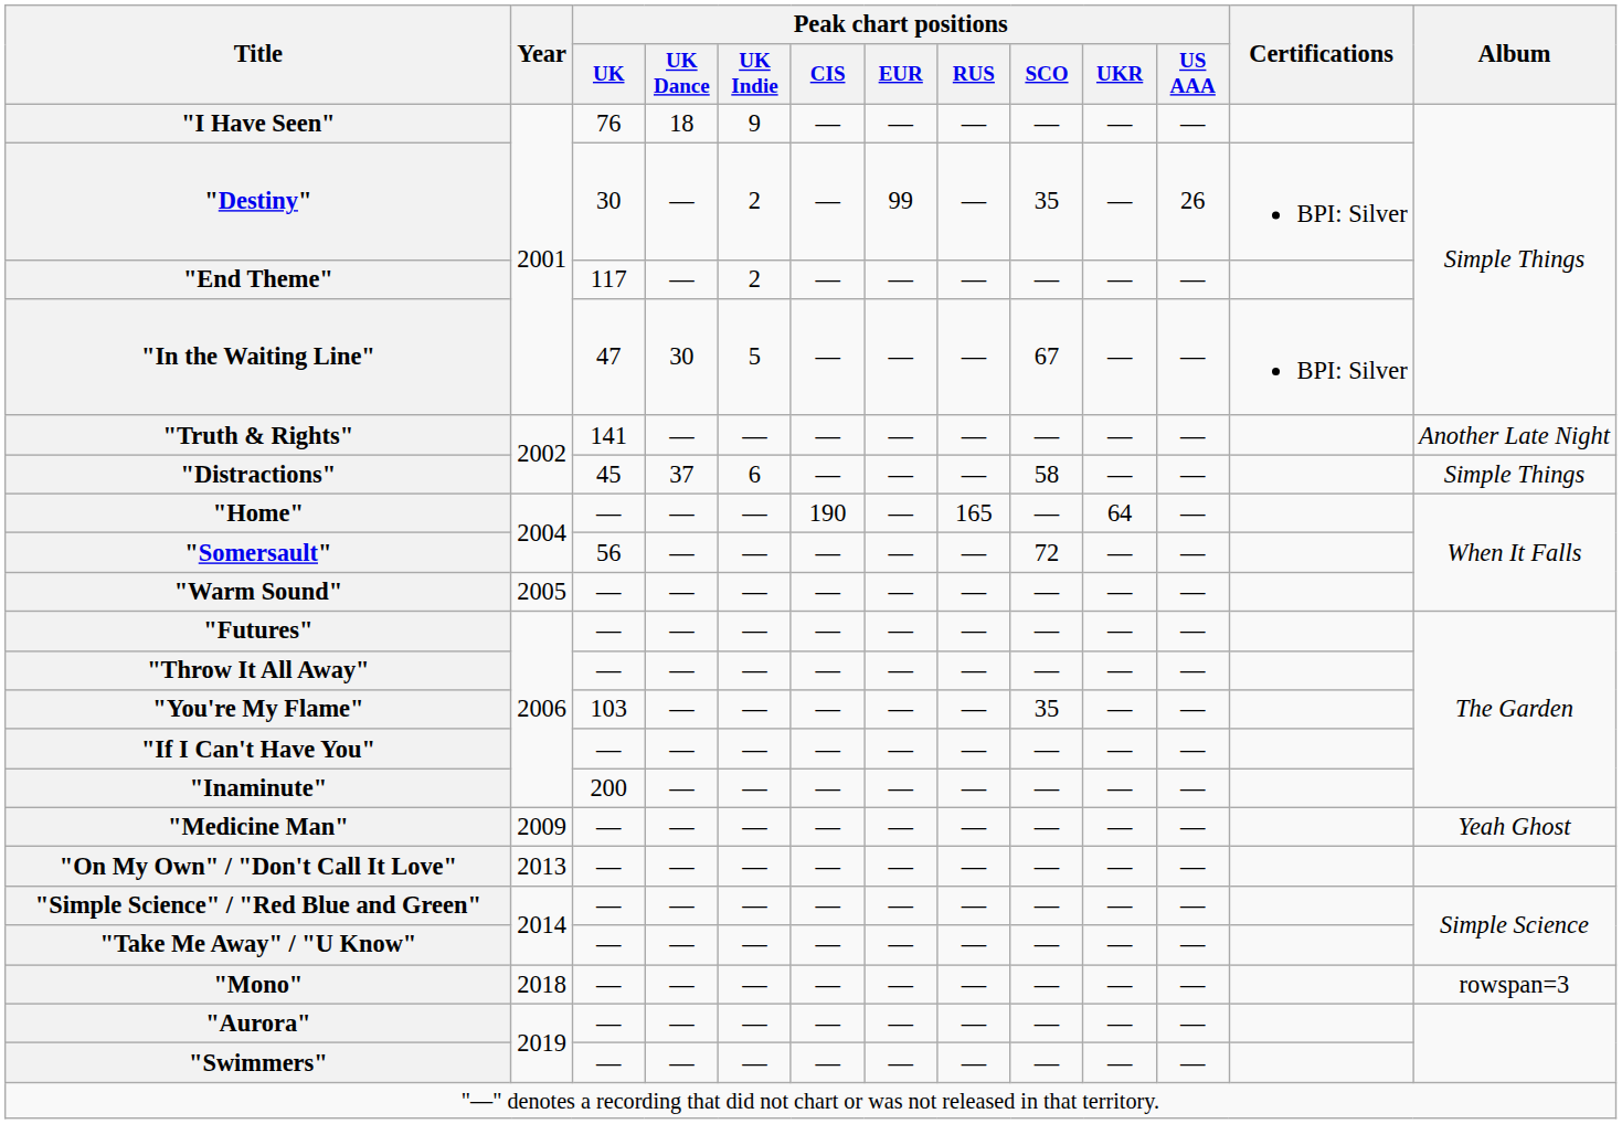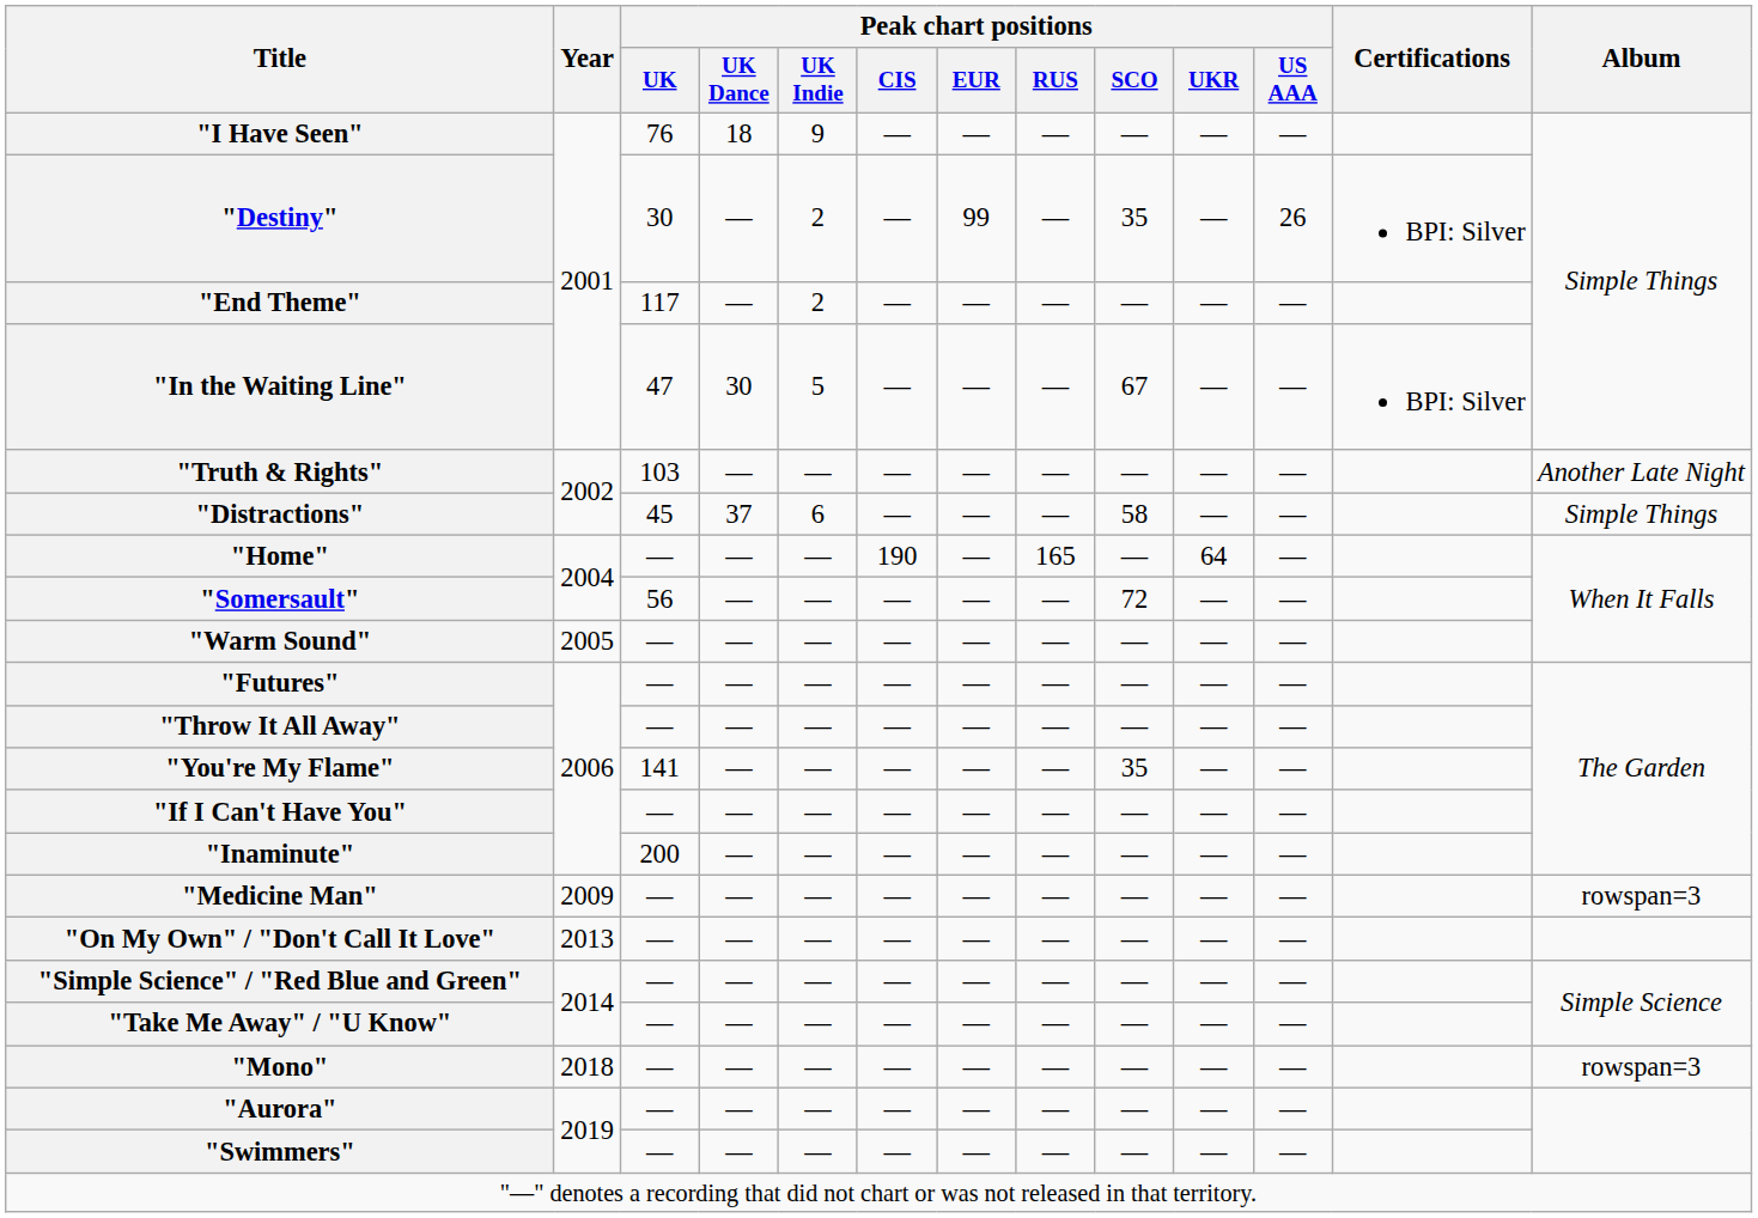 <table class="wikitable plainrowheaders" style="text-align:center;" id="singlestable">
 <tr>
 <th scope="col" rowspan="2" style="width:20em;">Title</th>
 <th scope="col" rowspan="2">Year</th>
 <th scope="col" colspan="9">Peak chart positions</th>
 <th scope="col" rowspan="2">Certifications</th>
 <th scope="col" rowspan="2">Album</th>
 </tr>
 <tr>
 <th style="width:3em;font-size:85%"><a href='#'>UK</a><br></th>
 <th style="width:3em;font-size:85%"><a href='#'>UK<br>Dance</a><br></th>
 <th style="width:3em;font-size:85%"><a href='#'>UK<br>Indie</a><br></th>
 <th style="width:3em;font-size:85%"><a href='#'>CIS</a><br></th>
 <th style="width:3em;font-size:85%"><a href='#'>EUR</a><br></th>
 <th style="width:3em;font-size:85%"><a href='#'>RUS</a><br></th>
 <th style="width:3em;font-size:85%"><a href='#'>SCO</a><br></th>
 <th style="width:3em;font-size:85%"><a href='#'>UKR</a><br></th>
 <th style="width:3em;font-size:85%"><a href='#'>US<br>AAA</a><br></th>
 </tr>
 <tr>
 <th scope="row">"I Have Seen"<br></th>
 <td rowspan=4>2001</td>
 <td>76</td>
 <td>18</td>
 <td>9</td>
 <td>—</td>
 <td>—</td>
 <td>—</td>
 <td>—</td>
 <td>—</td>
 <td>—</td>
 <td></td>
 <td rowspan=4><em>Simple Things</em></td>
 </tr>
 <tr>
 <th scope="row">"<a href='#'>Destiny</a>"<br></th>
 <td>30</td>
 <td>—</td>
 <td>2</td>
 <td>—</td>
 <td>99</td>
 <td>—</td>
 <td>35</td>
 <td>—</td>
 <td>26</td>
 <td><br><ul><li>BPI: Silver</li></ul></td>
 </tr>
 <tr>
 <th scope="row">"End Theme"</th>
 <td>117</td>
 <td>—</td>
 <td>2</td>
 <td>—</td>
 <td>—</td>
 <td>—</td>
 <td>—</td>
 <td>—</td>
 <td>—</td>
 <td></td>
 </tr>
 <tr>
 <th scope="row">"In the Waiting Line"<br></th>
 <td>47</td>
 <td>30</td>
 <td>5</td>
 <td>—</td>
 <td>—</td>
 <td>—</td>
 <td>67</td>
 <td>—</td>
 <td>—</td>
 <td><br><ul><li>BPI: Silver</li></ul></td>
 </tr>
 <tr>
 <th scope="row">"Truth & Rights"</th>
 <td rowspan=2>2002</td>
-<td>141</td>
+<td>103</td>
 <td>—</td>
 <td>—</td>
 <td>—</td>
 <td>—</td>
 <td>—</td>
 <td>—</td>
 <td>—</td>
 <td>—</td>
 <td></td>
 <td><em>Another Late Night</em></td>
 </tr>
 <tr>
 <th scope="row">"Distractions"<br></th>
 <td>45</td>
 <td>37</td>
 <td>6</td>
 <td>—</td>
 <td>—</td>
 <td>—</td>
 <td>58</td>
 <td>—</td>
 <td>—</td>
 <td></td>
 <td><em>Simple Things</em></td>
 </tr>
 <tr>
 <th scope="row">"Home"<br></th>
 <td rowspan=2>2004</td>
 <td>—</td>
 <td>—</td>
 <td>—</td>
 <td>190</td>
 <td>—</td>
 <td>165</td>
 <td>—</td>
 <td>64</td>
 <td>—</td>
 <td></td>
 <td rowspan=3><em>When It Falls</em></td>
 </tr>
 <tr>
 <th scope="row">"<a href='#'>Somersault</a>"<br></th>
 <td>56</td>
 <td>—</td>
 <td>—</td>
 <td>—</td>
 <td>—</td>
 <td>—</td>
 <td>72</td>
 <td>—</td>
 <td>—</td>
 <td></td>
 </tr>
 <tr>
 <th scope="row">"Warm Sound"<br></th>
 <td>2005</td>
 <td>—</td>
 <td>—</td>
 <td>—</td>
 <td>—</td>
 <td>—</td>
 <td>—</td>
 <td>—</td>
 <td>—</td>
 <td>—</td>
 <td></td>
 </tr>
 <tr>
 <th scope="row">"Futures"<br></th>
 <td rowspan=5>2006</td>
 <td>—</td>
 <td>—</td>
 <td>—</td>
 <td>—</td>
 <td>—</td>
 <td>—</td>
 <td>—</td>
 <td>—</td>
 <td>—</td>
 <td></td>
 <td rowspan=5><em>The Garden</em></td>
 </tr>
 <tr>
 <th scope="row">"Throw It All Away"<br></th>
 <td>—</td>
 <td>—</td>
 <td>—</td>
 <td>—</td>
 <td>—</td>
 <td>—</td>
 <td>—</td>
 <td>—</td>
 <td>—</td>
 <td></td>
 </tr>
 <tr>
 <th scope="row">"You're My Flame"<br></th>
-<td>103</td>
+<td>141</td>
 <td>—</td>
 <td>—</td>
 <td>—</td>
 <td>—</td>
 <td>—</td>
 <td>35</td>
 <td>—</td>
 <td>—</td>
 <td></td>
 </tr>
 <tr>
 <th scope="row">"If I Can't Have You"<br></th>
 <td>—</td>
 <td>—</td>
 <td>—</td>
 <td>—</td>
 <td>—</td>
 <td>—</td>
 <td>—</td>
 <td>—</td>
 <td>—</td>
 <td></td>
 </tr>
 <tr>
 <th scope="row">"Inaminute"</th>
 <td>200</td>
 <td>—</td>
 <td>—</td>
 <td>—</td>
 <td>—</td>
 <td>—</td>
 <td>—</td>
 <td>—</td>
 <td>—</td>
 <td></td>
 </tr>
 <tr>
 <th scope="row">"Medicine Man"<br></th>
 <td>2009</td>
 <td>—</td>
 <td>—</td>
 <td>—</td>
 <td>—</td>
 <td>—</td>
 <td>—</td>
 <td>—</td>
 <td>—</td>
 <td>—</td>
 <td></td>
-<td><em>Yeah Ghost</em></td>
+<td>rowspan=3 </td>
 </tr>
 <tr>
 <th scope="row">"On My Own" / "Don't Call It Love"</th>
 <td>2013</td>
 <td>—</td>
 <td>—</td>
 <td>—</td>
 <td>—</td>
 <td>—</td>
 <td>—</td>
 <td>—</td>
 <td>—</td>
 <td>—</td>
 <td></td>
 <td></td>
 </tr>
 <tr>
 <th scope="row">"Simple Science" / "Red Blue and Green"</th>
 <td rowspan=2>2014</td>
 <td>—</td>
 <td>—</td>
 <td>—</td>
 <td>—</td>
 <td>—</td>
 <td>—</td>
 <td>—</td>
 <td>—</td>
 <td>—</td>
 <td></td>
 <td rowspan=2><em>Simple Science</em></td>
 </tr>
 <tr>
 <th scope="row">"Take Me Away" / "U Know"</th>
 <td>—</td>
 <td>—</td>
 <td>—</td>
 <td>—</td>
 <td>—</td>
 <td>—</td>
 <td>—</td>
 <td>—</td>
 <td>—</td>
 <td></td>
 </tr>
 <tr>
 <th scope="row">"Mono"<br></th>
 <td>2018</td>
 <td>—</td>
 <td>—</td>
 <td>—</td>
 <td>—</td>
 <td>—</td>
 <td>—</td>
 <td>—</td>
 <td>—</td>
 <td>—</td>
 <td></td>
 <td>rowspan=3 </td>
 </tr>
 <tr>
 <th scope="row">"Aurora"<br></th>
 <td rowspan=2>2019</td>
 <td>—</td>
 <td>—</td>
 <td>—</td>
 <td>—</td>
 <td>—</td>
 <td>—</td>
 <td>—</td>
 <td>—</td>
 <td>—</td>
 <td></td>
 </tr>
 <tr>
 <th scope="row">"Swimmers"<br></th>
 <td>—</td>
 <td>—</td>
 <td>—</td>
 <td>—</td>
 <td>—</td>
 <td>—</td>
 <td>—</td>
 <td>—</td>
 <td>—</td>
 <td></td>
 </tr>
 <tr>
 <td colspan="14" style="font-size:90%">"—" denotes a recording that did not chart or was not released in that territory.</td>
 </tr>
 </table>
